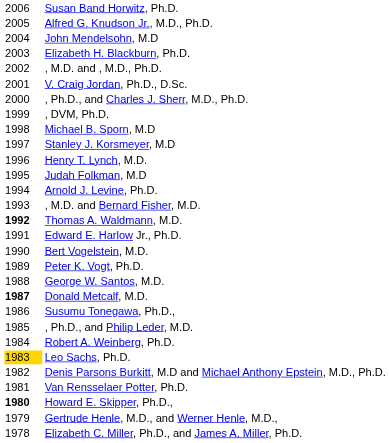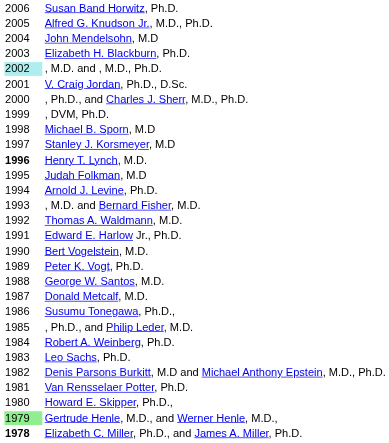 <table>
 <tr>
 <td valign="top">2006</td>
 <td><a href='#'>Susan Band Horwitz</a>, Ph.D.</td>
 </tr>
 <tr>
 <td valign="top">2005</td>
 <td><a href='#'>Alfred G. Knudson Jr.</a>, M.D., Ph.D.</td>
 </tr>
 <tr>
 <td valign="top">2004</td>
 <td><a href='#'>John Mendelsohn</a>, M.D</td>
 </tr>
 <tr>
 <td valign="top">2003</td>
 <td><a href='#'>Elizabeth H. Blackburn</a>, Ph.D.</td>
 </tr>
 <tr>
-<td valign="top">2002</td>
+<td valign="top" style="background: paleturquoise;">2002</td>
 <td>, M.D. and , M.D., Ph.D.</td>
 </tr>
 <tr>
 <td valign="top">2001</td>
 <td><a href='#'>V. Craig Jordan</a>, Ph.D., D.Sc.</td>
 </tr>
 <tr>
 <td valign="top">2000</td>
 <td>, Ph.D., and <a href='#'>Charles J. Sherr</a>, M.D., Ph.D.</td>
 </tr>
 <tr>
 <td valign="top">1999</td>
 <td>, DVM, Ph.D.</td>
 </tr>
 <tr>
 <td valign="top">1998</td>
 <td><a href='#'>Michael B. Sporn</a>, M.D</td>
 </tr>
 <tr>
 <td valign="top">1997</td>
 <td><a href='#'>Stanley J. Korsmeyer</a>, M.D</td>
 </tr>
 <tr>
-<td valign="top">1996</td>
+<td valign="top"><strong>1996</strong></td>
 <td><a href='#'>Henry T. Lynch</a>, M.D.</td>
 </tr>
 <tr>
 <td valign="top">1995</td>
 <td><a href='#'>Judah Folkman</a>, M.D</td>
 </tr>
 <tr>
 <td valign="top">1994</td>
 <td><a href='#'>Arnold J. Levine</a>, Ph.D.</td>
 </tr>
 <tr>
 <td valign="top">1993</td>
 <td>, M.D. and <a href='#'>Bernard Fisher</a>, M.D.</td>
 </tr>
 <tr>
-<td valign="top"><strong>1992</strong></td>
+<td valign="top">1992</td>
 <td><a href='#'>Thomas A. Waldmann</a>, M.D.</td>
 </tr>
 <tr>
 <td valign="top">1991</td>
 <td><a href='#'>Edward E. Harlow</a> Jr., Ph.D.</td>
 </tr>
 <tr>
 <td valign="top">1990</td>
 <td><a href='#'>Bert Vogelstein</a>, M.D.</td>
 </tr>
 <tr>
 <td valign="top">1989</td>
 <td><a href='#'>Peter K. Vogt</a>, Ph.D.</td>
 </tr>
 <tr>
 <td valign="top">1988</td>
 <td><a href='#'>George W. Santos</a>, M.D.</td>
 </tr>
 <tr>
-<td valign="top"><strong>1987</strong></td>
+<td valign="top">1987</td>
 <td><a href='#'>Donald Metcalf</a>, M.D.</td>
 </tr>
 <tr>
 <td valign="top">1986</td>
 <td><a href='#'>Susumu Tonegawa</a>, Ph.D.,</td>
 </tr>
 <tr>
 <td valign="top">1985</td>
 <td>, Ph.D., and <a href='#'>Philip Leder</a>, M.D.</td>
 </tr>
 <tr>
 <td valign="top">1984</td>
 <td><a href='#'>Robert A. Weinberg</a>, Ph.D.</td>
 </tr>
 <tr>
-<td valign="top" style="background: gold;">1983</td>
+<td valign="top">1983</td>
 <td><a href='#'>Leo Sachs</a>, Ph.D.</td>
 </tr>
 <tr>
 <td valign="top">1982</td>
 <td><a href='#'>Denis Parsons Burkitt</a>, M.D and <a href='#'>Michael Anthony Epstein</a>, M.D., Ph.D.</td>
 </tr>
 <tr>
 <td valign="top">1981</td>
 <td><a href='#'>Van Rensselaer Potter</a>, Ph.D.</td>
 </tr>
 <tr>
-<td valign="top"><strong>1980</strong></td>
+<td valign="top">1980</td>
 <td><a href='#'>Howard E. Skipper</a>, Ph.D.,</td>
 </tr>
 <tr>
-<td valign="top">1979</td>
+<td valign="top" style="background: lightgreen;">1979</td>
 <td><a href='#'>Gertrude Henle</a>, M.D., and <a href='#'>Werner Henle</a>, M.D.,</td>
 </tr>
 <tr>
-<td valign="top">1978    </td>
+<td valign="top"><strong>1978    </strong></td>
 <td><a href='#'>Elizabeth C. Miller</a>, Ph.D., and <a href='#'>James A. Miller</a>, Ph.D.</td>
 </tr>
 <tr>
 </tr>
 </table>
